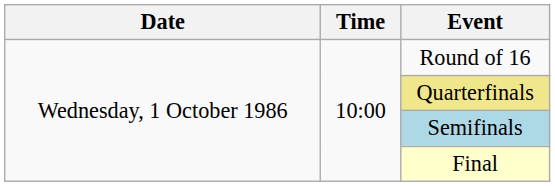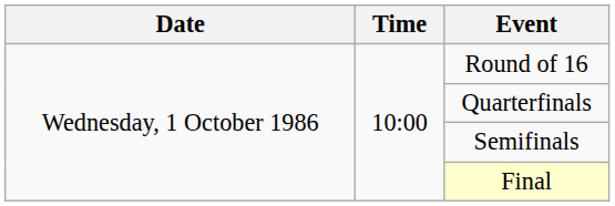 <table class = "wikitable" style="text-align:center;">
 <tr>
 <th width=220>Date</th>
 <th width=50>Time</th>
 <th width=100>Event</th>
 </tr>
 <tr>
 <td rowspan=4>Wednesday, 1 October 1986</td>
 <td rowspan=4>10:00</td>
 <td>Round of 16</td>
 </tr>
 <tr>
-<td style="background: khaki;">Quarterfinals</td>
+<td>Quarterfinals</td>
 </tr>
 <tr>
-<td style="background: lightblue;">Semifinals</td>
+<td>Semifinals</td>
 </tr>
 <tr>
 <td bgcolor=ffffcc>Final</td>
 </tr>
 </table>
